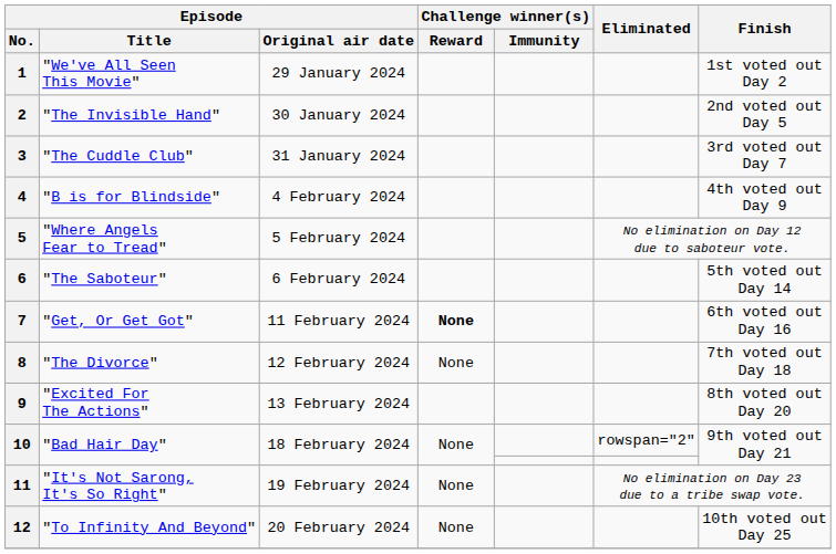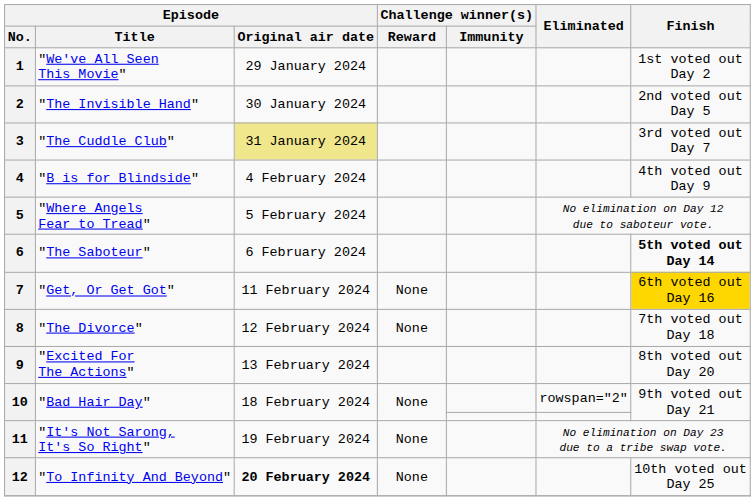 <table class="wikitable nowrap" style="text-align:center; font-size:100%">
 <tr>
 <th colspan="3">Episode</th>
 <th colspan="2">Challenge winner(s)</th>
 <th rowspan="2">Eliminated</th>
 <th rowspan="2">Finish</th>
 </tr>
 <tr>
 <th>No.</th>
 <th>Title</th>
 <th>Original air date</th>
 <th>Reward</th>
 <th>Immunity</th>
 </tr>
 <tr>
 <th>1</th>
 <td align="left">"<a href='#'>We've All Seen<br> This Movie</a>"</td>
 <td>29 January 2024</td>
 <td></td>
 <td></td>
 <td></td>
 <td>1st voted out<br>Day 2</td>
 </tr>
 <tr>
 <th>2</th>
 <td align="left">"<a href='#'>The Invisible Hand</a>"</td>
 <td>30 January 2024</td>
 <td></td>
 <td></td>
 <td></td>
 <td>2nd voted out<br>Day 5</td>
 </tr>
 <tr>
 <th>3</th>
 <td align="left">"<a href='#'>The Cuddle Club</a>"</td>
-<td>31 January 2024</td>
+<td style="background: khaki;">31 January 2024</td>
 <td></td>
 <td></td>
 <td></td>
 <td>3rd voted out<br>Day 7</td>
 </tr>
 <tr>
 <th>4</th>
 <td align="left">"<a href='#'>B is for Blindside</a>"</td>
 <td>4 February 2024</td>
 <td></td>
 <td></td>
 <td></td>
 <td>4th voted out<br>Day 9</td>
 </tr>
 <tr>
 <th>5</th>
 <td align="left">"<a href='#'>Where Angels <br>Fear to Tread</a>"</td>
 <td>5 February 2024</td>
 <td></td>
 <td></td>
 <td colspan="2"><em><small>No elimination on Day 12<br>due to saboteur vote.</small></em></td>
 </tr>
 <tr>
 <th>6</th>
 <td align="left">"<a href='#'>The Saboteur</a>"</td>
 <td>6 February 2024</td>
 <td></td>
 <td></td>
 <td></td>
-<td>5th voted out<br>Day 14</td>
+<td><strong>5th voted out<br>Day 14</strong></td>
 </tr>
 <tr>
 <th>7</th>
 <td align="left">"<a href='#'>Get, Or Get Got</a>"</td>
 <td>11 February 2024</td>
-<td><strong>None</strong></td>
+<td>None</td>
 <td></td>
 <td></td>
-<td>6th voted out<br>Day 16</td>
+<td style="background: gold;">6th voted out<br>Day 16</td>
 </tr>
 <tr>
 <th>8</th>
 <td align="left">"<a href='#'>The Divorce</a>"</td>
 <td>12 February 2024</td>
 <td>None</td>
 <td></td>
 <td></td>
 <td>7th voted out<br>Day 18</td>
 </tr>
 <tr>
 <th>9</th>
 <td align="left">"<a href='#'>Excited For <br>The Actions</a>"</td>
 <td>13 February 2024</td>
 <td></td>
 <td></td>
 <td></td>
 <td>8th voted out<br>Day 20</td>
 </tr>
 <tr>
 <th rowspan="2">10</th>
 <td rowspan="2" style="text-align:left">"<a href='#'>Bad Hair Day</a>"</td>
 <td rowspan="2">18 February 2024</td>
 <td rowspan="2">None</td>
 <td></td>
 <td>rowspan="2" </td>
 <td rowspan="2">9th voted out<br>Day 21</td>
 </tr>
 <tr>
 <td></td>
 </tr>
 <tr>
 <th>11</th>
 <td align="left">"<a href='#'>It's Not Sarong,<br> It's So Right</a>"</td>
 <td>19 February 2024</td>
 <td>None</td>
 <td></td>
 <td colspan="2"><em><small>No elimination on Day 23<br>due to a tribe swap vote.</small></em></td>
 </tr>
 <tr>
 <th>12</th>
 <td align="left">"<a href='#'>To Infinity And Beyond</a>"</td>
-<td>20 February 2024</td>
+<td><strong>20 February 2024</strong></td>
 <td>None</td>
 <td></td>
 <td></td>
 <td>10th voted out<br>Day 25</td>
 </tr>
 <tr>
 </tr>
 </table>
